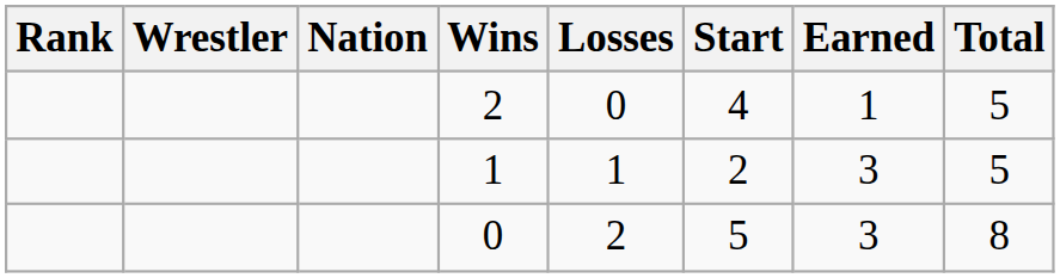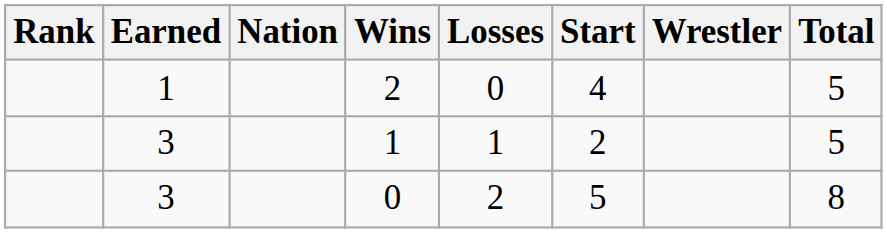 <table class="wikitable sortable" style="text-align:center;">
 <tr>
 <th>Rank</th>
-<th>Wrestler</th>
+<th>Earned</th>
 <th>Nation</th>
 <th>Wins</th>
 <th>Losses</th>
 <th>Start</th>
-<th>Earned</th>
+<th>Wrestler</th>
 <th>Total</th>
 </tr>
 <tr>
 <td></td>
-<td align=left></td>
+<td>1</td>
 <td align=left></td>
 <td>2</td>
 <td>0</td>
 <td>4</td>
-<td>1</td>
+<td align=left></td>
 <td>5</td>
 </tr>
 <tr>
 <td></td>
-<td align=left></td>
+<td>3</td>
 <td align=left></td>
 <td>1</td>
 <td>1</td>
 <td>2</td>
-<td>3</td>
+<td align=left></td>
 <td>5</td>
 </tr>
 <tr>
 <td></td>
-<td align=left></td>
+<td>3</td>
 <td align=left></td>
 <td>0</td>
 <td>2</td>
 <td>5</td>
-<td>3</td>
+<td align=left></td>
 <td>8</td>
 </tr>
 </table>
